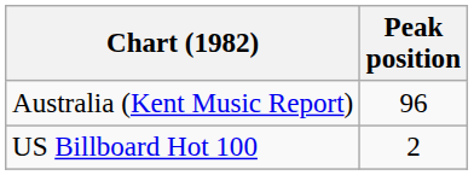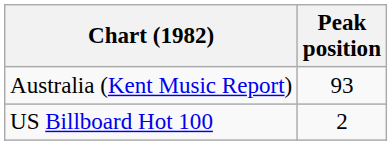 <table class="wikitable">
 <tr>
 <th scope="col">Chart (1982)</th>
 <th>Peak<br>position</th>
 </tr>
 <tr>
 <td>Australia (<a href='#'>Kent Music Report</a>)</td>
-<td style="text-align:center;">96</td>
+<td style="text-align:center;">93</td>
 </tr>
 <tr>
 <td>US <a href='#'>Billboard Hot 100</a></td>
 <td style="text-align:center;">2</td>
 </tr>
 </table>
